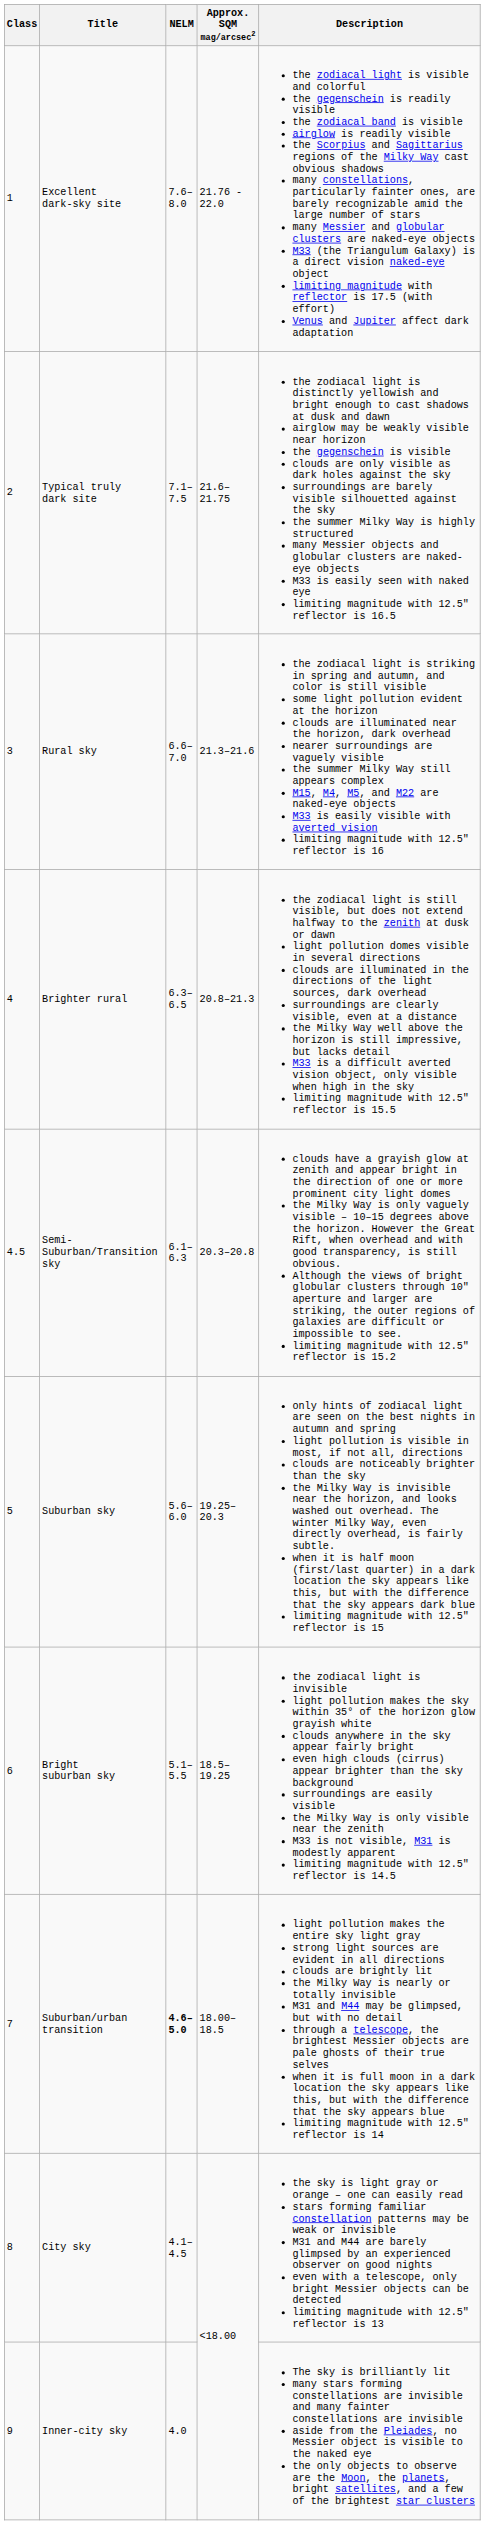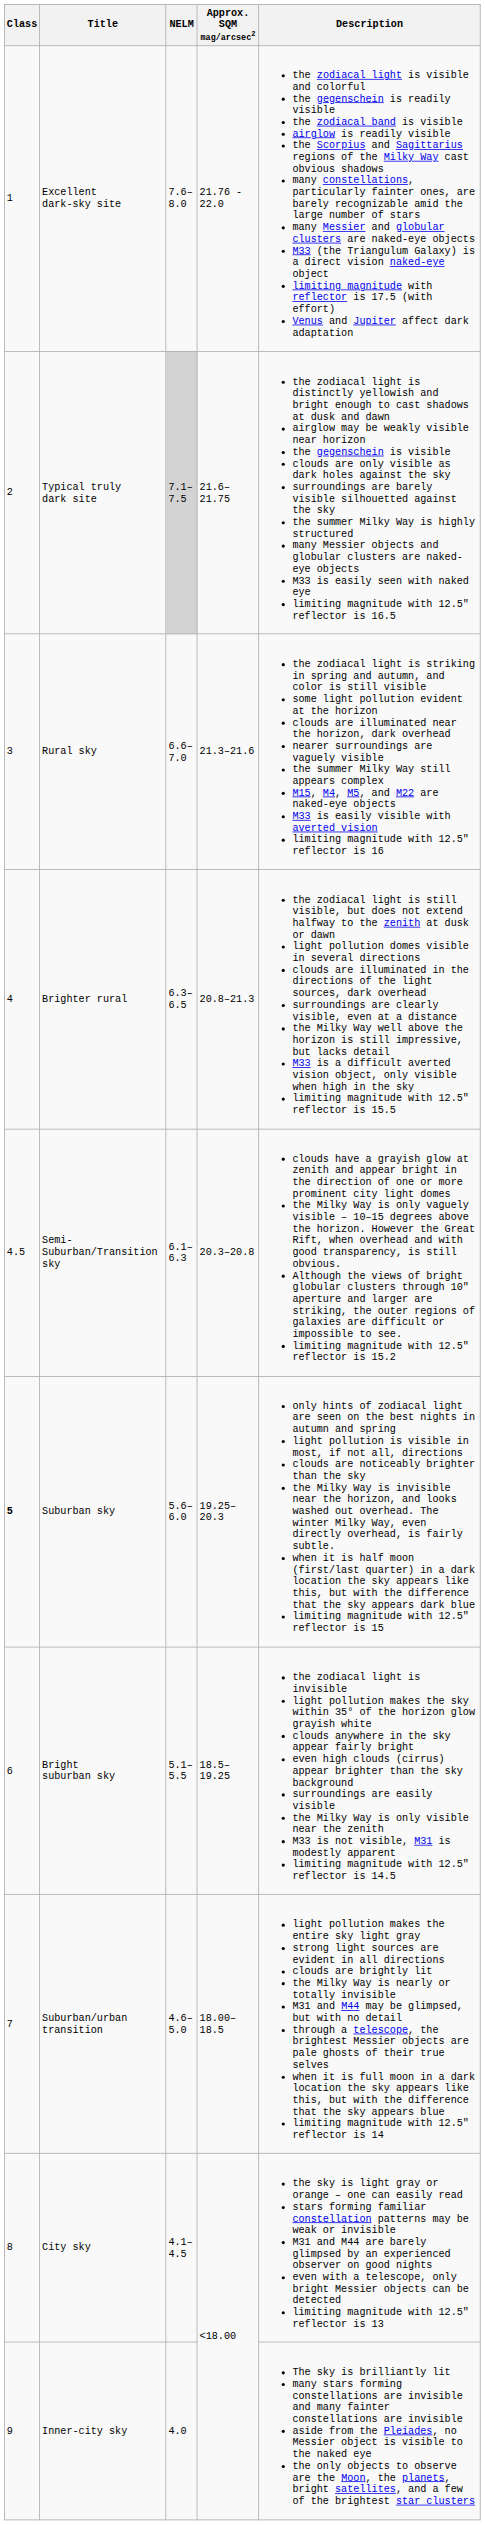 <table class="wikitable">
 <tr>
 <th>Class</th>
 <th>Title</th>
 <th>NELM</th>
 <th>Approx.<br>SQM<br><small>mag/arcsec<sup>2</sup></small></th>
 <th>Description</th>
 </tr>
 <tr>
 <td>1</td>
 <td>Excellent<br>dark-sky site</td>
 <td>7.6–8.0</td>
 <td>21.76 - 22.0</td>
 <td><br><ul><li>the <a href='#'>zodiacal light</a> is visible and colorful</li><li>the <a href='#'>gegenschein</a> is readily visible</li><li>the <a href='#'>zodiacal band</a> is visible</li><li><a href='#'>airglow</a> is readily visible</li><li>the <a href='#'>Scorpius</a> and <a href='#'>Sagittarius</a> regions of the <a href='#'>Milky Way</a> cast obvious shadows</li><li>many <a href='#'>constellations</a>, particularly fainter ones, are barely recognizable amid the large number of stars</li><li>many <a href='#'>Messier</a> and <a href='#'>globular clusters</a> are naked-eye objects</li><li><a href='#'>M33</a> (the Triangulum Galaxy) is a direct vision <a href='#'>naked-eye</a> object</li><li><a href='#'>limiting magnitude</a> with  <a href='#'>reflector</a> is 17.5 (with effort)</li><li><a href='#'>Venus</a> and <a href='#'>Jupiter</a> affect dark adaptation</li></ul></td>
 </tr>
 <tr>
 <td>2</td>
 <td>Typical truly<br>dark site</td>
-<td>7.1–7.5</td>
+<td style="background: lightgrey;">7.1–7.5</td>
 <td>21.6–21.75</td>
 <td><br><ul><li>the zodiacal light is distinctly yellowish and bright enough to cast shadows at dusk and dawn</li><li>airglow may be weakly visible near horizon</li><li>the <a href='#'>gegenschein</a> is visible</li><li>clouds are only visible as dark holes against the sky</li><li>surroundings are barely visible silhouetted against the sky</li><li>the summer Milky Way is highly structured</li><li>many Messier objects and globular clusters are naked-eye objects</li><li>M33 is easily seen with naked eye</li><li>limiting magnitude with 12.5" reflector is 16.5</li></ul></td>
 </tr>
 <tr>
 <td>3</td>
 <td>Rural sky</td>
 <td>6.6–7.0</td>
 <td>21.3–21.6</td>
 <td><br><ul><li>the zodiacal light is striking in spring and autumn, and color is still visible</li><li>some light pollution evident at the horizon</li><li>clouds are illuminated near the horizon, dark overhead</li><li>nearer surroundings are vaguely visible</li><li>the summer Milky Way still appears complex</li><li><a href='#'>M15</a>, <a href='#'>M4</a>, <a href='#'>M5</a>, and <a href='#'>M22</a> are naked-eye objects</li><li><a href='#'>M33</a> is easily visible with <a href='#'>averted vision</a></li><li>limiting magnitude with 12.5" reflector is 16</li></ul></td>
 </tr>
 <tr>
 <td>4</td>
 <td>Brighter rural</td>
 <td>6.3–6.5</td>
 <td>20.8–21.3</td>
 <td><br><ul><li>the zodiacal light is still visible, but does not extend halfway to the <a href='#'>zenith</a> at dusk or dawn</li><li>light pollution domes visible in several directions</li><li>clouds are illuminated in the directions of the light sources, dark overhead</li><li>surroundings are clearly visible, even at a distance</li><li>the Milky Way well above the horizon is still impressive, but lacks detail</li><li><a href='#'>M33</a> is a difficult averted vision object, only visible when high in the sky</li><li>limiting magnitude with 12.5" reflector is 15.5</li></ul></td>
 </tr>
 <tr>
 <td>4.5</td>
 <td>Semi-Suburban/Transition sky</td>
 <td>6.1–6.3</td>
 <td>20.3–20.8</td>
 <td><br><ul><li>clouds have a grayish glow at zenith and appear bright in the direction of one or more prominent city light domes</li><li>the Milky Way is only vaguely visible – 10–15 degrees above the horizon. However the Great Rift, when overhead and with good transparency, is still obvious.</li><li>Although the views of bright globular clusters through 10" aperture and larger are striking, the outer regions of galaxies are difficult or impossible to see.</li><li>limiting magnitude with 12.5" reflector is 15.2</li></ul></td>
 </tr>
 <tr>
-<td>5</td>
+<td><strong>5</strong></td>
 <td>Suburban sky</td>
 <td>5.6–6.0</td>
 <td>19.25–20.3</td>
 <td><br><ul><li>only hints of zodiacal light are seen on the best nights in autumn and spring</li><li>light pollution is visible in most, if not all, directions</li><li>clouds are noticeably brighter than the sky</li><li>the Milky Way is invisible near the horizon, and looks washed out overhead. The winter Milky Way, even directly overhead, is fairly subtle.</li><li>when it is half moon (first/last quarter) in a dark location the sky appears like this, but with the difference that the sky appears dark blue</li><li>limiting magnitude with 12.5" reflector is 15</li></ul></td>
 </tr>
 <tr>
 <td>6</td>
 <td>Bright<br>suburban sky</td>
 <td>5.1–5.5</td>
 <td>18.5–19.25</td>
 <td><br><ul><li>the zodiacal light is invisible</li><li>light pollution makes the sky within 35° of the horizon glow grayish white</li><li>clouds anywhere in the sky appear fairly bright</li><li>even high clouds (cirrus) appear brighter than the sky background</li><li>surroundings are easily visible</li><li>the Milky Way is only visible near the zenith</li><li>M33 is not visible, <a href='#'>M31</a> is modestly apparent</li><li>limiting magnitude with 12.5" reflector is 14.5</li></ul></td>
 </tr>
 <tr>
 <td>7</td>
 <td>Suburban/urban<br>transition</td>
-<td><strong>4.6–5.0</strong></td>
+<td>4.6–5.0</td>
 <td>18.00–18.5</td>
 <td><br><ul><li>light pollution makes the entire sky light gray</li><li>strong light sources are evident in all directions</li><li>clouds are brightly lit</li><li>the Milky Way is nearly or totally invisible</li><li>M31 and <a href='#'>M44</a> may be glimpsed, but with no detail</li><li>through a <a href='#'>telescope</a>, the brightest Messier objects are pale ghosts of their true selves</li><li>when it is full moon in a dark location the sky appears like this, but with the difference that the sky appears blue</li><li>limiting magnitude with 12.5" reflector is 14</li></ul></td>
 </tr>
 <tr>
 <td>8</td>
 <td>City sky</td>
 <td>4.1–4.5</td>
 <td rowspan=2><18.00</td>
 <td><br><ul><li>the sky is light gray or orange – one can easily read</li><li>stars forming familiar <a href='#'>constellation</a> patterns may be weak or invisible</li><li>M31 and M44 are barely glimpsed by an experienced observer on good nights</li><li>even with a telescope, only bright Messier objects can be detected</li><li>limiting magnitude with 12.5" reflector is 13</li></ul></td>
 </tr>
 <tr>
 <td>9</td>
 <td>Inner-city sky</td>
 <td>4.0</td>
 <td><br><ul><li>The sky is brilliantly lit</li><li>many stars forming constellations are invisible and many fainter constellations are invisible</li><li>aside from the <a href='#'>Pleiades</a>, no Messier object is visible to the naked eye</li><li>the only objects to observe are the <a href='#'>Moon</a>, the <a href='#'>planets</a>, bright <a href='#'>satellites</a>, and a few of the brightest <a href='#'>star clusters</a></li></ul></td>
 </tr>
 </table>
